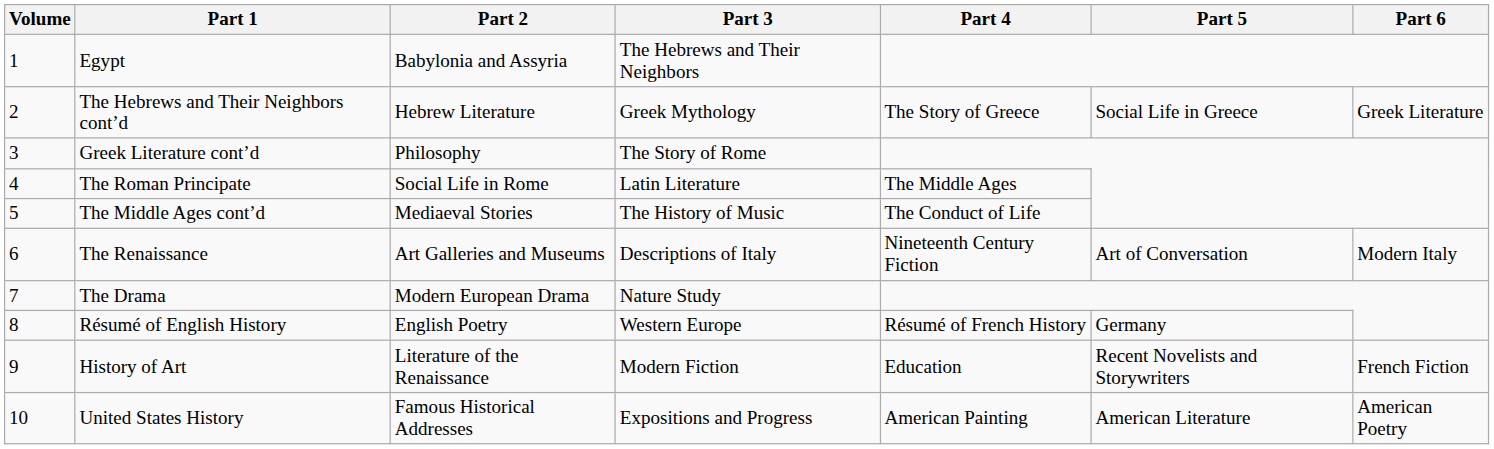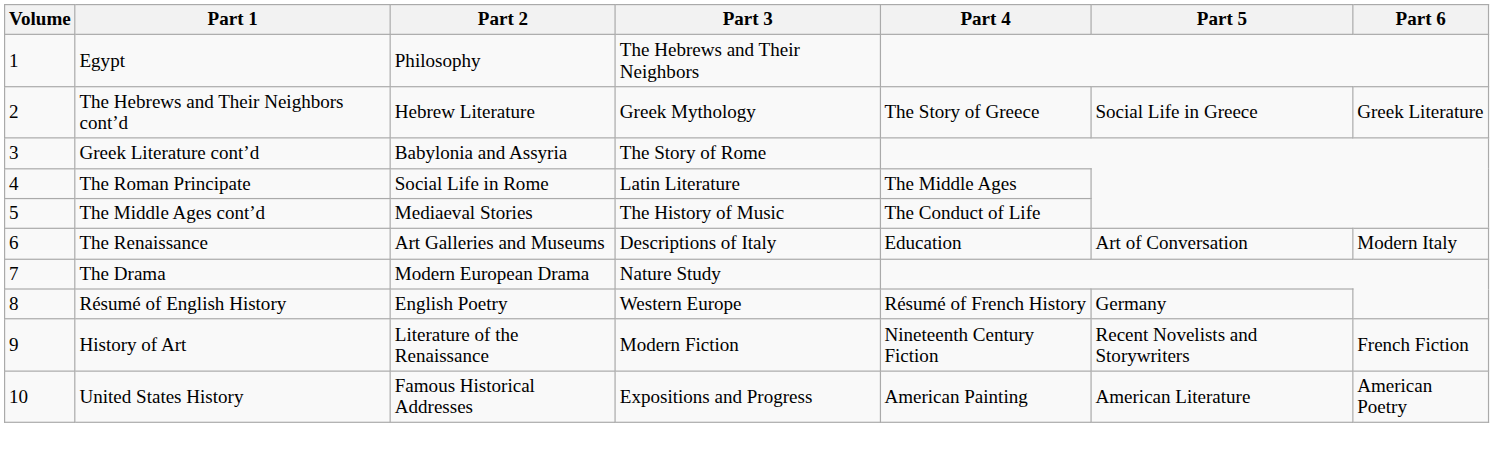 <table class="wikitable sortable">
 <tr>
 <th>Volume</th>
 <th>Part 1</th>
 <th>Part 2</th>
 <th>Part 3</th>
 <th>Part 4</th>
 <th>Part 5</th>
 <th>Part 6</th>
 </tr>
 <tr>
 <td>1</td>
 <td>Egypt</td>
-<td>Babylonia and Assyria</td>
+<td>Philosophy</td>
 <td>The Hebrews and Their Neighbors</td>
 </tr>
 <tr>
 <td>2</td>
 <td>The Hebrews and Their Neighbors cont’d</td>
 <td>Hebrew Literature</td>
 <td>Greek Mythology</td>
 <td>The Story of Greece</td>
 <td>Social Life in Greece</td>
 <td>Greek Literature</td>
 </tr>
 <tr>
 <td>3</td>
 <td>Greek Literature cont’d</td>
-<td>Philosophy</td>
+<td>Babylonia and Assyria</td>
 <td>The Story of Rome</td>
 </tr>
 <tr>
 <td>4</td>
 <td>The Roman Principate</td>
 <td>Social Life in Rome</td>
 <td>Latin Literature</td>
 <td>The Middle Ages</td>
 </tr>
 <tr>
 <td>5</td>
 <td>The Middle Ages cont’d</td>
 <td>Mediaeval Stories</td>
 <td>The History of Music</td>
 <td>The Conduct of Life</td>
 </tr>
 <tr>
 <td>6</td>
 <td>The Renaissance</td>
 <td>Art Galleries and Museums</td>
 <td>Descriptions of Italy</td>
-<td>Nineteenth Century Fiction</td>
+<td>Education</td>
 <td>Art of Conversation</td>
 <td>Modern Italy</td>
 </tr>
 <tr>
 <td>7</td>
 <td>The Drama</td>
 <td>Modern European Drama</td>
 <td>Nature Study</td>
 </tr>
 <tr>
 <td>8</td>
 <td>Résumé of English History</td>
 <td>English Poetry</td>
 <td>Western Europe</td>
 <td>Résumé of French History</td>
 <td>Germany</td>
 </tr>
 <tr>
 <td>9</td>
 <td>History of Art</td>
 <td>Literature of the Renaissance</td>
 <td>Modern Fiction</td>
-<td>Education</td>
+<td>Nineteenth Century Fiction</td>
 <td>Recent Novelists and Storywriters</td>
 <td>French Fiction</td>
 </tr>
 <tr>
 <td>10</td>
 <td>United States History</td>
 <td>Famous Historical Addresses</td>
 <td>Expositions and Progress</td>
 <td>American Painting</td>
 <td>American Literature</td>
 <td>American Poetry</td>
 </tr>
 </table>
